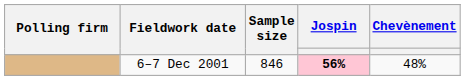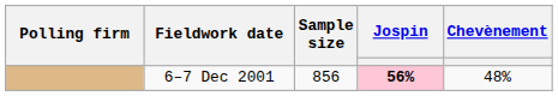 <table class="wikitable sortable" style="text-align:center;font-size:90%;line-height:14px;">
 <tr style="height:40px;">
 <th style="width:100px;" rowspan="2">Polling firm</th>
 <th style="width:110px;" rowspan="2">Fieldwork date</th>
 <th style="width:35px;" rowspan="2">Sample<br>size</th>
 <th class="unsortable" style="width:60px;"><a href='#'>Jospin</a><br></th>
 <th class="unsortable" style="width:60px;"><a href='#'>Chevènement</a><br></th>
 </tr>
 <tr>
 <th style="background:"></th>
 <th style="background:"></th>
 </tr>
 <tr>
 <td style="background:burlywood;"></td>
 <td data-sort-value="2001-12-07">6–7 Dec 2001</td>
-<td>846</td>
+<td>856</td>
 <td style="background:#FFC6D5;"><strong>56%</strong></td>
 <td>48%</td>
 </tr>
 </table>
